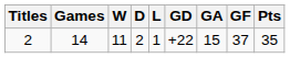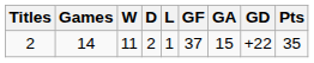 <table class="wikitable" style="text-align: center">
 <tr>
 <th scope="col">Titles</th>
 <th scope="col">Games</th>
 <th scope="col">W</th>
 <th scope="col">D</th>
 <th scope="col">L</th>
+<th scope="col">GF</th>
+<th scope="col">GA</th>
 <th scope="col">GD</th>
-<th scope="col">GA</th>
-<th scope="col">GF</th>
 <th scope="col">Pts</th>
 </tr>
 <tr>
 <td>2</td>
 <td>14</td>
 <td>11</td>
 <td>2</td>
 <td>1</td>
+<td>37</td>
+<td>15</td>
 <td>+22</td>
-<td>15</td>
-<td>37</td>
 <td>35</td>
 </tr>
 </table>
